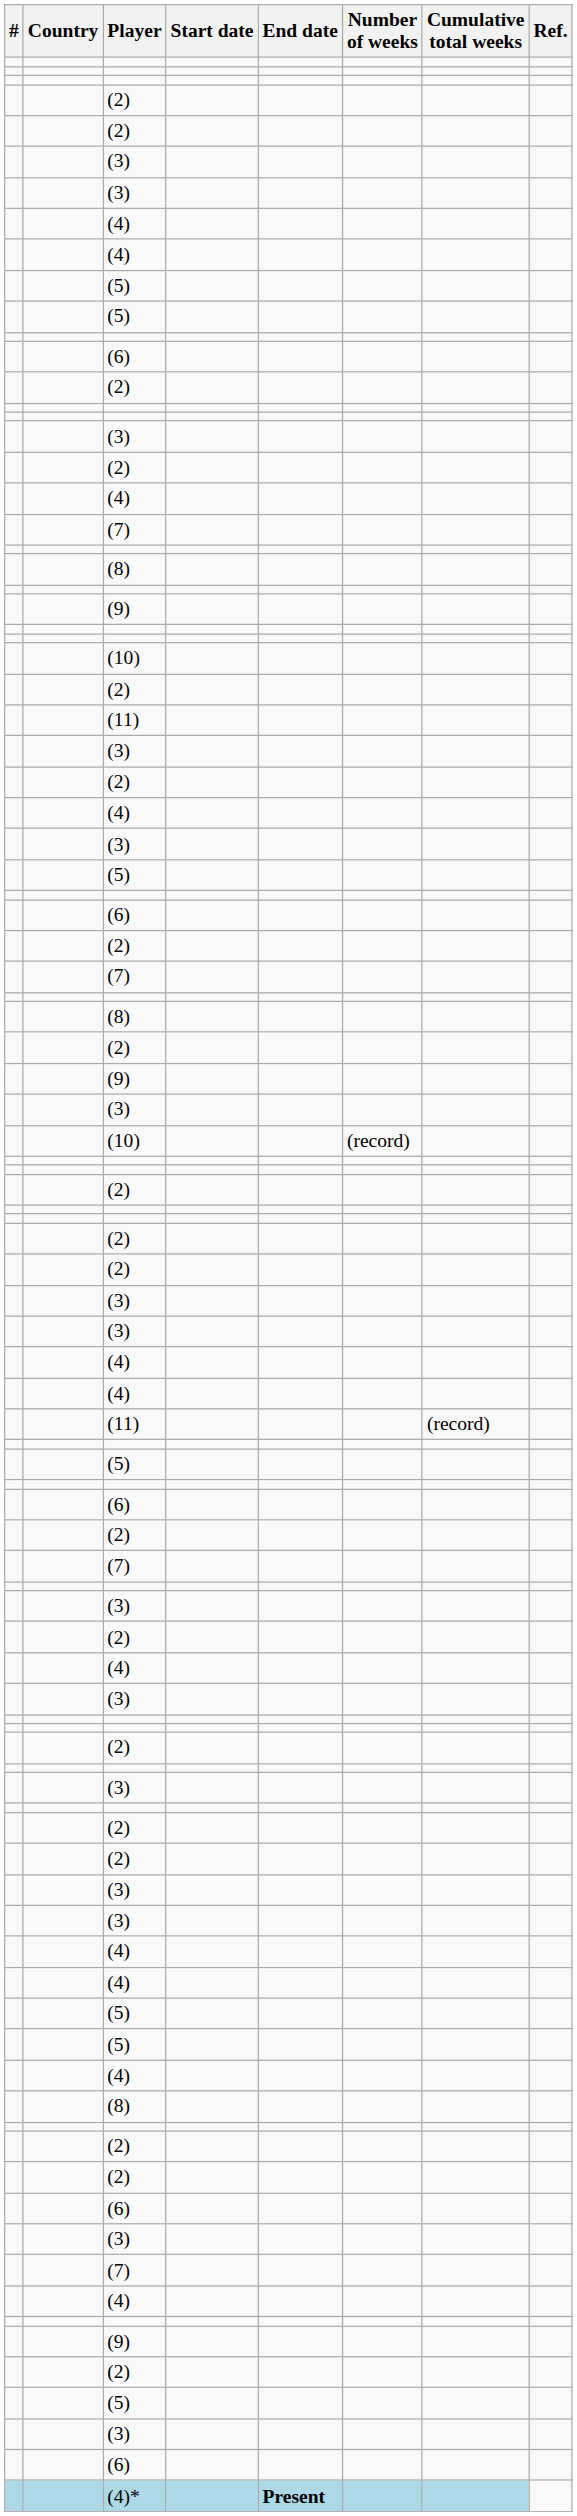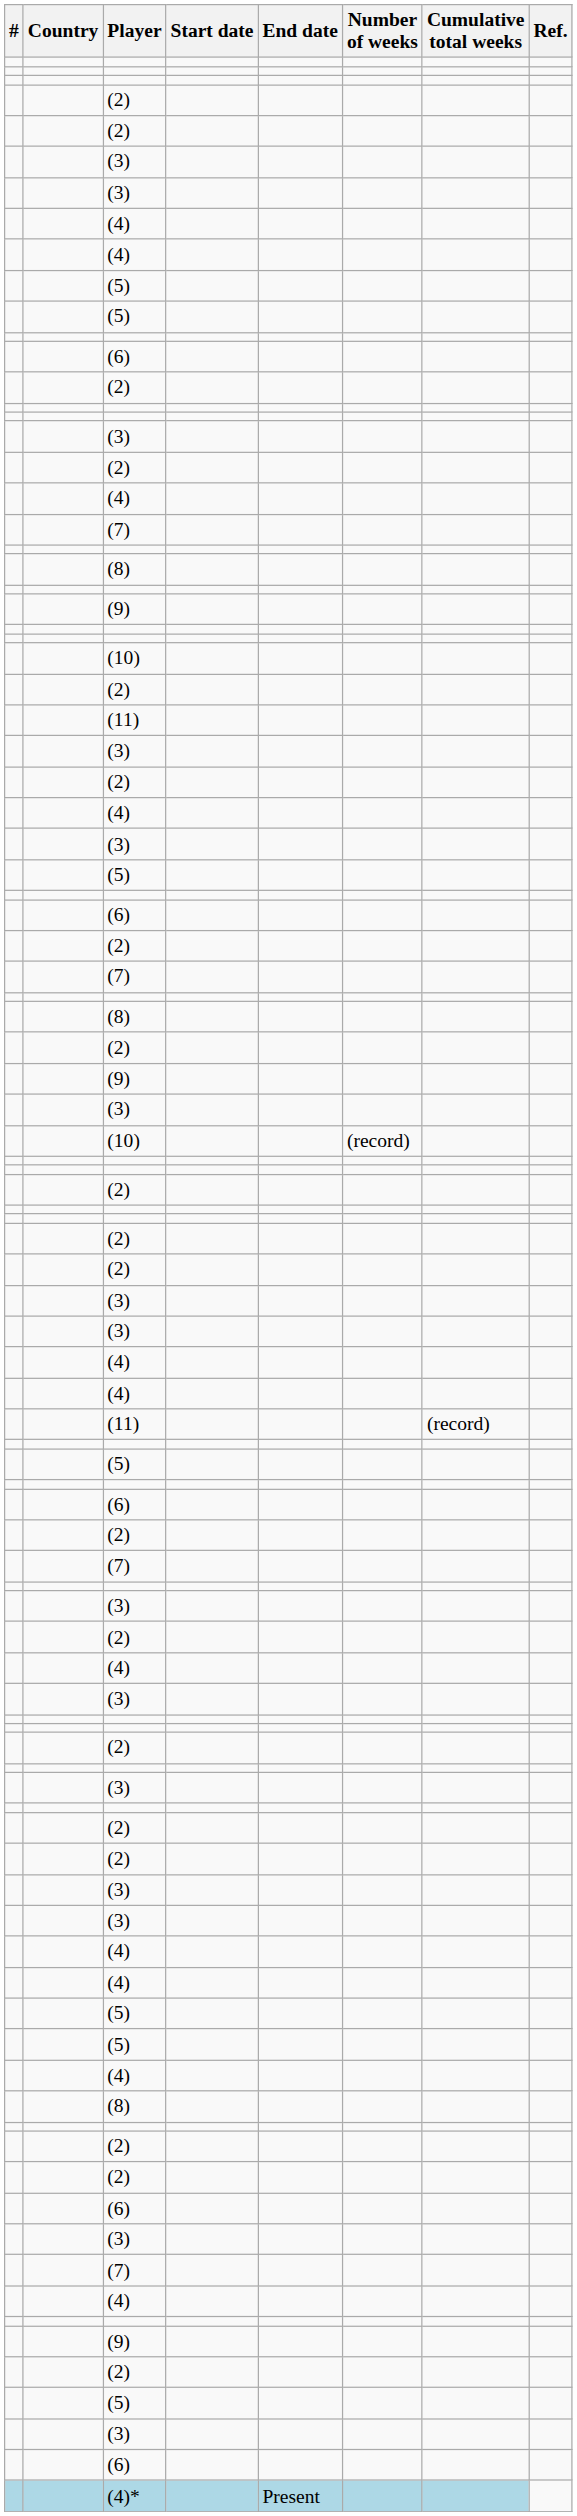 <table class="wikitable sortable">
 <tr>
 <th>#</th>
 <th>Country</th>
 <th>Player</th>
 <th>Start date</th>
 <th>End date</th>
 <th>Number<br>of weeks</th>
 <th>Cumulative<br>total weeks</th>
 <th class="unsortable">Ref.</th>
 </tr>
 <tr>
 <td align=center></td>
 <td></td>
 <td></td>
 <td></td>
 <td></td>
 <td></td>
 <td><strong></strong></td>
 <td align=center></td>
 </tr>
 <tr>
 <td align=center></td>
 <td></td>
 <td></td>
 <td></td>
 <td></td>
 <td></td>
 <td></td>
 <td align=center></td>
 </tr>
 <tr>
 <td align=center></td>
 <td></td>
 <td></td>
 <td></td>
 <td></td>
 <td></td>
 <td></td>
 <td align=center></td>
 </tr>
 <tr>
 <td align=center></td>
 <td></td>
 <td> (2)</td>
 <td></td>
 <td></td>
 <td></td>
 <td></td>
 <td align=center></td>
 </tr>
 <tr>
 <td align=center></td>
 <td></td>
 <td> (2)</td>
 <td></td>
 <td></td>
 <td></td>
 <td></td>
 <td align=center></td>
 </tr>
 <tr>
 <td align=center></td>
 <td></td>
 <td> (3)</td>
 <td></td>
 <td></td>
 <td></td>
 <td></td>
 <td align=center></td>
 </tr>
 <tr>
 <td align=center></td>
 <td></td>
 <td> (3)</td>
 <td></td>
 <td></td>
 <td></td>
 <td></td>
 <td align=center></td>
 </tr>
 <tr>
 <td align=center></td>
 <td></td>
 <td> (4)</td>
 <td></td>
 <td></td>
 <td></td>
 <td></td>
 <td align=center></td>
 </tr>
 <tr>
 <td align=center></td>
 <td></td>
 <td> (4)</td>
 <td></td>
 <td></td>
 <td></td>
 <td></td>
 <td align=center></td>
 </tr>
 <tr>
 <td align=center></td>
 <td></td>
 <td> (5)</td>
 <td></td>
 <td></td>
 <td></td>
 <td><strong></strong></td>
 <td align=center></td>
 </tr>
 <tr>
 <td align=center></td>
 <td></td>
 <td> (5)</td>
 <td></td>
 <td></td>
 <td></td>
 <td></td>
 <td align=center></td>
 </tr>
 <tr>
 <td align=center></td>
 <td></td>
 <td></td>
 <td></td>
 <td></td>
 <td></td>
 <td></td>
 <td align=center></td>
 </tr>
 <tr>
 <td align=center></td>
 <td></td>
 <td> (6)</td>
 <td></td>
 <td></td>
 <td></td>
 <td></td>
 <td align=center></td>
 </tr>
 <tr>
 <td align=center></td>
 <td></td>
 <td> (2)</td>
 <td></td>
 <td></td>
 <td></td>
 <td></td>
 <td align=center></td>
 </tr>
 <tr>
 <td align=center></td>
 <td></td>
 <td></td>
 <td></td>
 <td></td>
 <td></td>
 <td><strong></strong></td>
 <td align=center></td>
 </tr>
 <tr>
 <td align=center></td>
 <td></td>
 <td></td>
 <td></td>
 <td></td>
 <td></td>
 <td></td>
 <td align=center></td>
 </tr>
 <tr>
 <td align=center></td>
 <td></td>
 <td> (3)</td>
 <td></td>
 <td></td>
 <td></td>
 <td></td>
 <td align=center></td>
 </tr>
 <tr>
 <td align=center></td>
 <td></td>
 <td> (2)</td>
 <td></td>
 <td></td>
 <td></td>
 <td><strong></strong></td>
 <td align=center></td>
 </tr>
 <tr>
 <td align=center></td>
 <td></td>
 <td> (4)</td>
 <td></td>
 <td></td>
 <td></td>
 <td><strong></strong></td>
 <td align=center></td>
 </tr>
 <tr>
 <td align=center></td>
 <td></td>
 <td> (7)</td>
 <td></td>
 <td></td>
 <td></td>
 <td></td>
 <td align=center></td>
 </tr>
 <tr>
 <td align=center></td>
 <td></td>
 <td></td>
 <td></td>
 <td></td>
 <td></td>
 <td><strong></strong></td>
 <td align=center></td>
 </tr>
 <tr>
 <td align=center></td>
 <td></td>
 <td> (8)</td>
 <td></td>
 <td></td>
 <td></td>
 <td></td>
 <td align=center></td>
 </tr>
 <tr>
 <td align=center></td>
 <td></td>
 <td></td>
 <td></td>
 <td></td>
 <td></td>
 <td><strong></strong></td>
 <td align=center></td>
 </tr>
 <tr>
 <td align=center></td>
 <td></td>
 <td> (9)</td>
 <td></td>
 <td></td>
 <td></td>
 <td></td>
 <td align=center></td>
 </tr>
 <tr>
 <td align=center></td>
 <td></td>
 <td></td>
 <td></td>
 <td></td>
 <td></td>
 <td></td>
 <td align=center></td>
 </tr>
 <tr>
 <td align=center></td>
 <td></td>
 <td></td>
 <td></td>
 <td></td>
 <td></td>
 <td></td>
 <td align=center></td>
 </tr>
 <tr>
 <td align=center></td>
 <td></td>
 <td> (10)</td>
 <td></td>
 <td></td>
 <td></td>
 <td></td>
 <td align=center></td>
 </tr>
 <tr>
 <td align=center></td>
 <td></td>
 <td> (2)</td>
 <td></td>
 <td></td>
 <td></td>
 <td></td>
 <td align=center></td>
 </tr>
 <tr>
 <td align=center></td>
 <td></td>
 <td> (11)</td>
 <td></td>
 <td></td>
 <td></td>
 <td><strong></strong></td>
 <td align=center></td>
 </tr>
 <tr>
 <td align=center></td>
 <td></td>
 <td> (3)</td>
 <td></td>
 <td></td>
 <td></td>
 <td></td>
 <td align=center></td>
 </tr>
 <tr>
 <td align=center></td>
 <td></td>
 <td> (2)</td>
 <td></td>
 <td></td>
 <td></td>
 <td></td>
 <td align=center></td>
 </tr>
 <tr>
 <td align=center></td>
 <td></td>
 <td> (4)</td>
 <td></td>
 <td></td>
 <td></td>
 <td></td>
 <td align=center></td>
 </tr>
 <tr>
 <td align=center></td>
 <td></td>
 <td> (3)</td>
 <td></td>
 <td></td>
 <td></td>
 <td><strong></strong></td>
 <td align=center></td>
 </tr>
 <tr>
 <td align=center></td>
 <td></td>
 <td> (5)</td>
 <td></td>
 <td></td>
 <td></td>
 <td></td>
 <td align=center></td>
 </tr>
 <tr>
 <td align=center></td>
 <td></td>
 <td></td>
 <td></td>
 <td></td>
 <td></td>
 <td></td>
 <td align=center></td>
 </tr>
 <tr>
 <td align=center></td>
 <td></td>
 <td> (6)</td>
 <td></td>
 <td></td>
 <td></td>
 <td></td>
 <td align=center></td>
 </tr>
 <tr>
 <td align=center></td>
 <td></td>
 <td> (2)</td>
 <td></td>
 <td></td>
 <td></td>
 <td><strong></strong></td>
 <td align=center></td>
 </tr>
 <tr>
 <td align=center></td>
 <td></td>
 <td> (7)</td>
 <td></td>
 <td></td>
 <td></td>
 <td></td>
 <td align=center></td>
 </tr>
 <tr>
 <td align=center></td>
 <td></td>
 <td></td>
 <td></td>
 <td></td>
 <td></td>
 <td></td>
 <td align=center></td>
 </tr>
 <tr>
 <td align=center></td>
 <td></td>
 <td> (8)</td>
 <td></td>
 <td></td>
 <td></td>
 <td></td>
 <td align=center></td>
 </tr>
 <tr>
 <td align=center></td>
 <td></td>
 <td> (2)</td>
 <td></td>
 <td></td>
 <td></td>
 <td></td>
 <td align=center></td>
 </tr>
 <tr>
 <td align=center></td>
 <td></td>
 <td> (9)</td>
 <td></td>
 <td></td>
 <td></td>
 <td></td>
 <td align=center></td>
 </tr>
 <tr>
 <td align=center></td>
 <td></td>
 <td> (3)</td>
 <td></td>
 <td></td>
 <td></td>
 <td><strong></strong></td>
 <td align=center></td>
 </tr>
 <tr>
 <td align=center></td>
 <td></td>
 <td> (10)</td>
 <td></td>
 <td></td>
 <td> (record)</td>
 <td></td>
 <td align=center></td>
 </tr>
 <tr>
 <td align=center></td>
 <td></td>
 <td></td>
 <td></td>
 <td></td>
 <td></td>
 <td></td>
 <td align=center></td>
 </tr>
 <tr>
 <td align=center></td>
 <td></td>
 <td></td>
 <td></td>
 <td></td>
 <td></td>
 <td><strong></strong></td>
 <td align=center></td>
 </tr>
 <tr>
 <td align=center></td>
 <td></td>
 <td> (2)</td>
 <td></td>
 <td></td>
 <td></td>
 <td><strong></strong></td>
 <td align=center></td>
 </tr>
 <tr>
 <td align=center></td>
 <td></td>
 <td></td>
 <td></td>
 <td></td>
 <td></td>
 <td></td>
 <td align=center></td>
 </tr>
 <tr>
 <td align=center></td>
 <td></td>
 <td></td>
 <td></td>
 <td></td>
 <td></td>
 <td></td>
 <td align=center></td>
 </tr>
 <tr>
 <td align=center></td>
 <td></td>
 <td> (2)</td>
 <td></td>
 <td></td>
 <td></td>
 <td></td>
 <td align=center></td>
 </tr>
 <tr>
 <td align=center></td>
 <td></td>
 <td> (2)</td>
 <td></td>
 <td></td>
 <td></td>
 <td></td>
 <td align=center></td>
 </tr>
 <tr>
 <td align=center></td>
 <td></td>
 <td> (3)</td>
 <td></td>
 <td></td>
 <td></td>
 <td></td>
 <td align=center></td>
 </tr>
 <tr>
 <td align=center></td>
 <td></td>
 <td> (3)</td>
 <td></td>
 <td></td>
 <td></td>
 <td></td>
 <td align=center></td>
 </tr>
 <tr>
 <td align=center></td>
 <td></td>
 <td> (4)</td>
 <td></td>
 <td></td>
 <td></td>
 <td><strong></strong></td>
 <td align=center></td>
 </tr>
 <tr>
 <td align=center></td>
 <td></td>
 <td> (4)</td>
 <td></td>
 <td></td>
 <td></td>
 <td></td>
 <td align=center></td>
 </tr>
 <tr>
 <td align=center></td>
 <td></td>
 <td> (11)</td>
 <td></td>
 <td></td>
 <td></td>
 <td><strong></strong> (record)</td>
 <td align=center></td>
 </tr>
 <tr>
 <td align=center></td>
 <td></td>
 <td></td>
 <td></td>
 <td></td>
 <td></td>
 <td><strong></strong></td>
 <td align=center></td>
 </tr>
 <tr>
 <td align=center></td>
 <td></td>
 <td> (5)</td>
 <td></td>
 <td></td>
 <td></td>
 <td></td>
 <td align=center></td>
 </tr>
 <tr>
 <td align=center></td>
 <td></td>
 <td></td>
 <td></td>
 <td></td>
 <td></td>
 <td></td>
 <td align=center></td>
 </tr>
 <tr>
 <td align=center></td>
 <td></td>
 <td> (6)</td>
 <td></td>
 <td></td>
 <td></td>
 <td></td>
 <td align=center></td>
 </tr>
 <tr>
 <td align=center></td>
 <td></td>
 <td> (2)</td>
 <td></td>
 <td></td>
 <td></td>
 <td></td>
 <td align=center></td>
 </tr>
 <tr>
 <td align=center></td>
 <td></td>
 <td> (7)</td>
 <td></td>
 <td></td>
 <td></td>
 <td></td>
 <td align=center></td>
 </tr>
 <tr>
 <td align=center></td>
 <td></td>
 <td></td>
 <td></td>
 <td></td>
 <td></td>
 <td></td>
 <td align=center></td>
 </tr>
 <tr>
 <td align=center></td>
 <td></td>
 <td> (3)</td>
 <td></td>
 <td></td>
 <td></td>
 <td></td>
 <td align=center></td>
 </tr>
 <tr>
 <td align=center></td>
 <td></td>
 <td> (2)</td>
 <td></td>
 <td></td>
 <td></td>
 <td></td>
 <td align=center></td>
 </tr>
 <tr>
 <td align=center></td>
 <td></td>
 <td> (4)</td>
 <td></td>
 <td></td>
 <td></td>
 <td><strong></strong></td>
 <td align=center></td>
 </tr>
 <tr>
 <td align=center></td>
 <td></td>
 <td> (3)</td>
 <td></td>
 <td></td>
 <td></td>
 <td><strong></strong></td>
 <td align=center></td>
 </tr>
 <tr>
 <td align=center></td>
 <td></td>
 <td></td>
 <td></td>
 <td></td>
 <td></td>
 <td></td>
 <td align=center></td>
 </tr>
 <tr>
 <td align=center></td>
 <td></td>
 <td></td>
 <td></td>
 <td></td>
 <td></td>
 <td></td>
 <td align=center></td>
 </tr>
 <tr>
 <td align=center></td>
 <td></td>
 <td> (2)</td>
 <td></td>
 <td></td>
 <td></td>
 <td></td>
 <td align=center></td>
 </tr>
 <tr>
 <td align=center></td>
 <td></td>
 <td></td>
 <td></td>
 <td></td>
 <td></td>
 <td></td>
 <td align=center></td>
 </tr>
 <tr>
 <td align=center></td>
 <td></td>
 <td> (3)</td>
 <td></td>
 <td></td>
 <td></td>
 <td></td>
 <td align=center></td>
 </tr>
 <tr>
 <td align=center></td>
 <td></td>
 <td></td>
 <td></td>
 <td></td>
 <td></td>
 <td></td>
 <td align=center></td>
 </tr>
 <tr>
 <td align=center></td>
 <td></td>
 <td> (2)</td>
 <td></td>
 <td></td>
 <td></td>
 <td></td>
 <td align=center></td>
 </tr>
 <tr>
 <td align=center></td>
 <td></td>
 <td> (2)</td>
 <td></td>
 <td></td>
 <td></td>
 <td></td>
 <td align=center></td>
 </tr>
 <tr>
 <td align=center></td>
 <td></td>
 <td> (3)</td>
 <td></td>
 <td></td>
 <td></td>
 <td></td>
 <td align=center></td>
 </tr>
 <tr>
 <td align=center></td>
 <td></td>
 <td> (3)</td>
 <td></td>
 <td></td>
 <td></td>
 <td></td>
 <td align=center></td>
 </tr>
 <tr>
 <td align=center></td>
 <td></td>
 <td> (4)</td>
 <td></td>
 <td></td>
 <td></td>
 <td></td>
 <td align=center></td>
 </tr>
 <tr>
 <td align=center></td>
 <td></td>
 <td> (4)</td>
 <td></td>
 <td></td>
 <td></td>
 <td></td>
 <td align=center></td>
 </tr>
 <tr>
 <td align=center></td>
 <td></td>
 <td> (5)</td>
 <td></td>
 <td></td>
 <td></td>
 <td><strong></strong></td>
 <td align=center></td>
 </tr>
 <tr>
 <td align=center></td>
 <td></td>
 <td> (5)</td>
 <td></td>
 <td></td>
 <td></td>
 <td></td>
 <td align=center></td>
 </tr>
 <tr>
 <td align=center></td>
 <td></td>
 <td> (4)</td>
 <td></td>
 <td></td>
 <td></td>
 <td><strong></strong></td>
 <td align=center></td>
 </tr>
 <tr>
 <td align=center></td>
 <td></td>
 <td> (8)</td>
 <td></td>
 <td></td>
 <td></td>
 <td></td>
 <td></td>
 </tr>
 <tr>
 <td align=center></td>
 <td></td>
 <td></td>
 <td></td>
 <td></td>
 <td></td>
 <td></td>
 <td align=center></td>
 </tr>
 <tr>
 <td align=center></td>
 <td></td>
 <td> (2)</td>
 <td></td>
 <td></td>
 <td></td>
 <td><strong></strong></td>
 <td align=center></td>
 </tr>
 <tr>
 <td align=center></td>
 <td></td>
 <td> (2)</td>
 <td></td>
 <td></td>
 <td></td>
 <td></td>
 <td align=center></td>
 </tr>
 <tr>
 <td align=center></td>
 <td></td>
 <td> (6)</td>
 <td></td>
 <td></td>
 <td></td>
 <td></td>
 <td align=center></td>
 </tr>
 <tr>
 <td align=center></td>
 <td></td>
 <td> (3)</td>
 <td></td>
 <td></td>
 <td></td>
 <td></td>
 <td align=center></td>
 </tr>
 <tr>
 <td align=center></td>
 <td></td>
 <td> (7)</td>
 <td></td>
 <td></td>
 <td></td>
 <td><strong></strong></td>
 <td align=center></td>
 </tr>
 <tr>
 <td align=center></td>
 <td></td>
 <td> (4)</td>
 <td></td>
 <td></td>
 <td></td>
 <td></td>
 <td align=center></td>
 </tr>
 <tr>
 <td align=center></td>
 <td></td>
 <td></td>
 <td></td>
 <td></td>
 <td></td>
 <td></td>
 <td></td>
 </tr>
 <tr>
 <td align=center></td>
 <td></td>
 <td> (9)</td>
 <td></td>
 <td></td>
 <td></td>
 <td><strong></strong></td>
 <td align=center></td>
 </tr>
 <tr>
 <td align=center></td>
 <td></td>
 <td> (2)</td>
 <td></td>
 <td></td>
 <td></td>
 <td></td>
 <td align=center></td>
 </tr>
 <tr>
 <td align=center></td>
 <td></td>
 <td> (5)</td>
 <td></td>
 <td></td>
 <td></td>
 <td></td>
 <td align=center></td>
 </tr>
 <tr>
 <td align=center></td>
 <td></td>
 <td> (3)</td>
 <td></td>
 <td></td>
 <td></td>
 <td></td>
 <td align=center></td>
 </tr>
 <tr>
 <td align=center></td>
 <td></td>
 <td> (6)</td>
 <td></td>
 <td></td>
 <td></td>
 <td><strong></strong></td>
 <td align=center></td>
 </tr>
 <tr style="background:lightblue;">
 <td align=center></td>
 <td></td>
 <td> (4)*</td>
 <td></td>
-<td><strong>Present</strong></td>
+<td>Present</td>
 <td></td>
 <td><strong></strong></td>
 </tr>
 </table>
